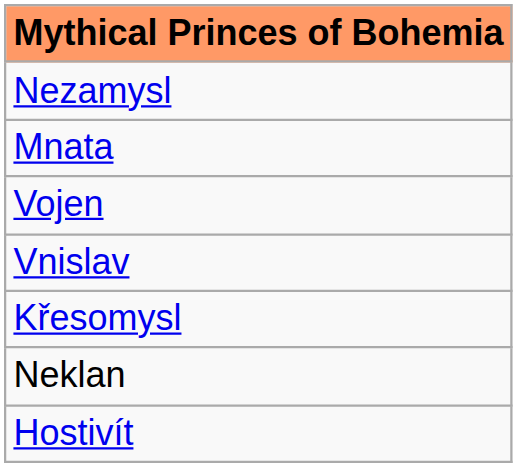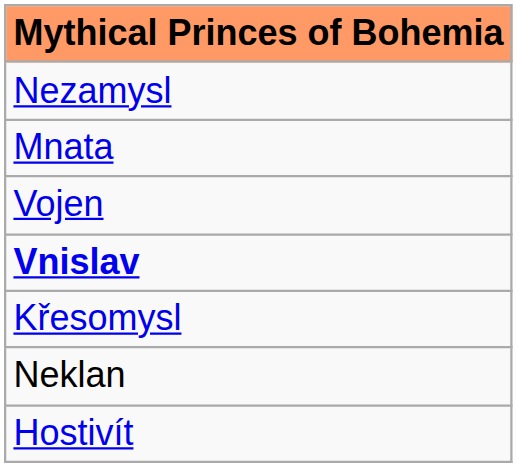 <table class="wikitable">
 <tr>
 <th colspan="2" style="background-color:#ff9966;">Mythical Princes of Bohemia</th>
 </tr>
 <tr>
 <td><a href='#'>Nezamysl</a></td>
 </tr>
 <tr>
 <td><a href='#'>Mnata</a></td>
 </tr>
 <tr>
 <td><a href='#'>Vojen</a></td>
 </tr>
 <tr>
-<td><a href='#'>Vnislav</a></td>
+<td><strong><a href='#'>Vnislav</a></strong></td>
 </tr>
 <tr>
 <td><a href='#'>Křesomysl</a></td>
 </tr>
 <tr>
 <td>Neklan</td>
 </tr>
 <tr>
 <td><a href='#'>Hostivít</a></td>
 </tr>
 </table>
